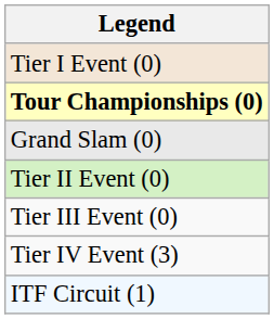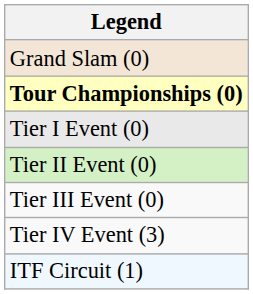 <table class="wikitable sortable mw-collapsible mw-collapsed">
 <tr>
 <th>Legend</th>
 </tr>
 <tr bgcolor="#f3e6d7">
-<td>Tier I Event (0)</td>
+<td>Grand Slam (0)</td>
 </tr>
 <tr bgcolor="#ffffc">
 <td><strong>Tour Championships (0)</strong></td>
 </tr>
 <tr bgcolor="#e9e9e9">
-<td>Grand Slam (0)</td>
+<td>Tier I Event (0)</td>
 </tr>
 <tr bgcolor="#d4f1c5">
 <td>Tier II Event (0)</td>
 </tr>
 <tr>
 <td>Tier III Event (0)</td>
 </tr>
 <tr>
 <td>Tier IV Event (3)</td>
 </tr>
 <tr bgcolor="#f0f8ff">
 <td>ITF Circuit (1)</td>
 </tr>
 </table>
